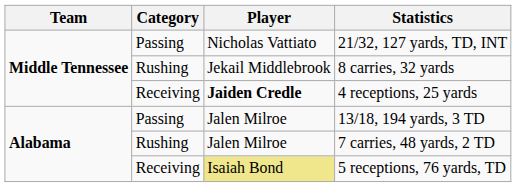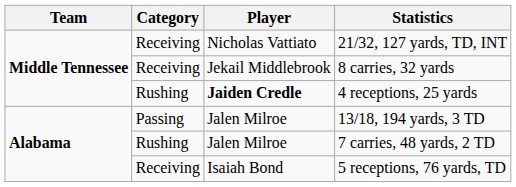 <table class="wikitable" style="float: right;">
 <tr>
 <th>Team</th>
 <th>Category</th>
 <th>Player</th>
 <th>Statistics</th>
 </tr>
 <tr>
 <td rowspan=3><strong>Middle Tennessee</strong></td>
-<td>Passing</td>
+<td>Receiving</td>
 <td>Nicholas Vattiato</td>
 <td>21/32, 127 yards, TD, INT</td>
 </tr>
 <tr>
-<td>Rushing</td>
+<td>Receiving</td>
 <td>Jekail Middlebrook</td>
 <td>8 carries, 32 yards</td>
 </tr>
 <tr>
-<td>Receiving</td>
+<td>Rushing</td>
 <td><strong>Jaiden Credle</strong></td>
 <td>4 receptions, 25 yards</td>
 </tr>
 <tr>
 <td rowspan=3><strong>Alabama</strong></td>
 <td>Passing</td>
 <td>Jalen Milroe</td>
 <td>13/18, 194 yards, 3 TD</td>
 </tr>
 <tr>
 <td>Rushing</td>
 <td>Jalen Milroe</td>
 <td>7 carries, 48 yards, 2 TD</td>
 </tr>
 <tr>
 <td>Receiving</td>
-<td style="background: khaki;">Isaiah Bond</td>
+<td>Isaiah Bond</td>
 <td>5 receptions, 76 yards, TD</td>
 </tr>
 </table>
